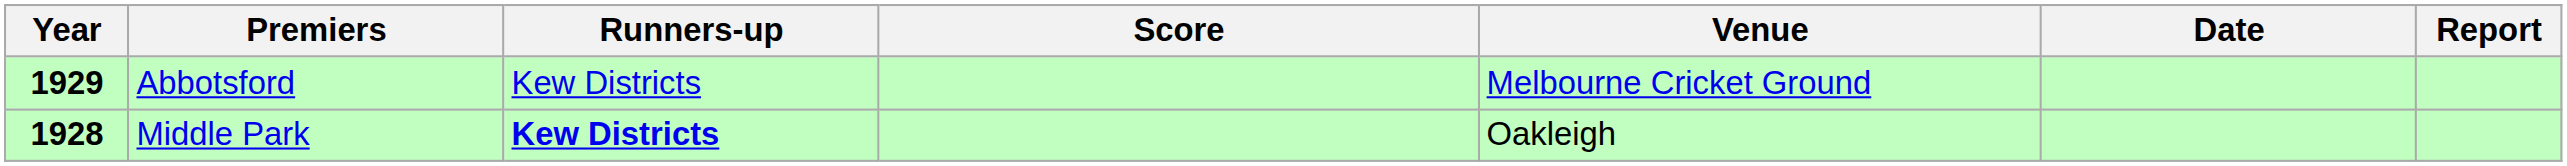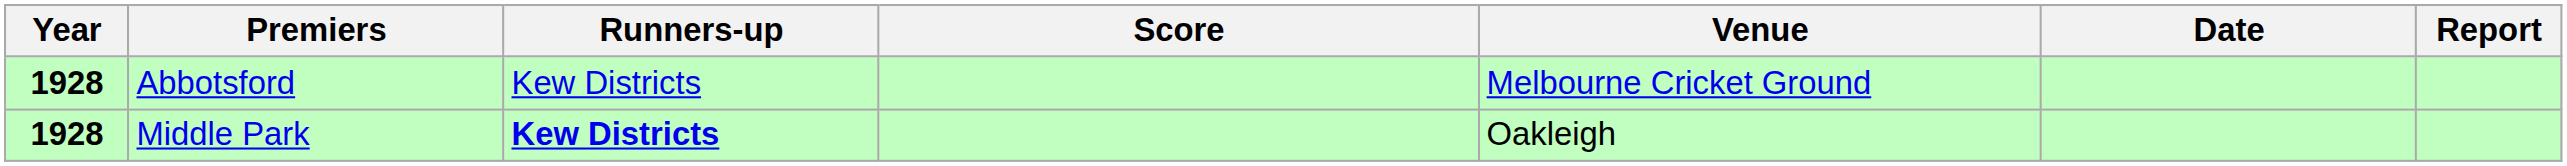 <table class="wikitable sortable" style="text-align:left; text-valign:center">
 <tr>
 <th width=3%>Year</th>
 <th width=10%>Premiers</th>
 <th width=10%>Runners-up</th>
 <th width=16%>Score</th>
 <th width=15%>Venue</th>
 <th width=10%; class=unsortable>Date</th>
 <th width=2%; class=unsortable>Report</th>
 </tr>
 <tr style="background:#C0FFC0;">
-<td align="center"><strong>1929</strong></td>
+<td align="center"><strong>1928</strong></td>
 <td><a href='#'>Abbotsford</a></td>
 <td><a href='#'>Kew Districts</a></td>
 <td align=center></td>
 <td><a href='#'>Melbourne Cricket Ground</a></td>
 <td></td>
 <td align=center></td>
 </tr>
 <tr style="background:#C0FFC0;">
 <td align="center"><strong>1928</strong></td>
 <td><a href='#'>Middle Park</a></td>
 <td><strong><a href='#'>Kew Districts</a></strong></td>
 <td align=center></td>
 <td>Oakleigh</td>
 <td></td>
 <td align=center></td>
 </tr>
 </table>
